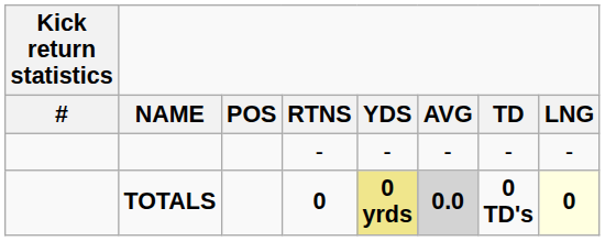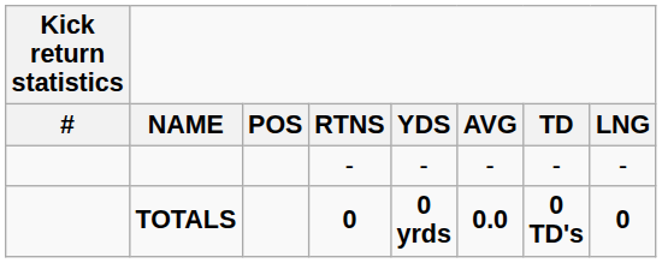 <table class="wikitable collapsible collapsed" style="width:60%; text-align:center;">
 <tr>
 <th style="text-align:center; ">Kick return statistics</th>
 </tr>
 <tr>
 <th>#</th>
 <th>NAME</th>
 <th>POS</th>
 <th>RTNS</th>
 <th>YDS</th>
 <th>AVG</th>
 <th>TD</th>
 <th>LNG</th>
 </tr>
 <tr>
 <td></td>
 <td></td>
 <td></td>
 <td>-</td>
 <td>-</td>
 <td>-</td>
 <td>-</td>
 <td>-</td>
 </tr>
 <tr>
 <td></td>
 <td><strong>TOTALS</strong></td>
 <td></td>
 <td><strong>0</strong></td>
-<td style="background: khaki;"><strong>0 yrds</strong></td>
-<td style="background: lightgrey;"><strong>0.0</strong></td>
+<td><strong>0 yrds</strong></td>
+<td><strong>0.0</strong></td>
 <td><strong>0 TD's</strong></td>
-<td style="background: lightyellow;"><strong>0</strong></td>
+<td><strong>0</strong></td>
 </tr>
 </table>
